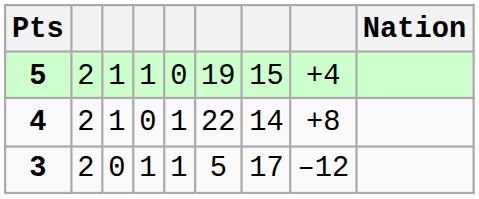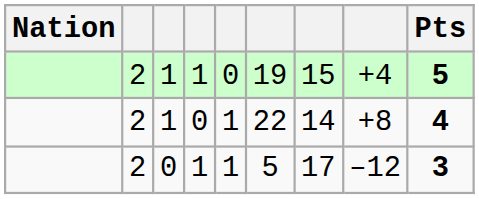 <table class="wikitable" style="text-align: center;">
 <tr>
-<th>Pts</th>
+<th>Nation</th>
 <th></th>
 <th></th>
 <th></th>
 <th></th>
 <th></th>
 <th></th>
 <th></th>
-<th>Nation</th>
+<th>Pts</th>
 </tr>
 <tr bgcolor="#ccffcc">
-<td><strong>5</strong></td>
+<td align="left"></td>
 <td>2</td>
 <td>1</td>
 <td>1</td>
 <td>0</td>
 <td>19</td>
 <td>15</td>
 <td>+4</td>
-<td align="left"></td>
+<td><strong>5</strong></td>
 </tr>
 <tr>
-<td><strong>4</strong></td>
+<td align="left"></td>
 <td>2</td>
 <td>1</td>
 <td>0</td>
 <td>1</td>
 <td>22</td>
 <td>14</td>
 <td>+8</td>
-<td align="left"></td>
+<td><strong>4</strong></td>
 </tr>
 <tr>
-<td><strong>3</strong></td>
+<td align="left"></td>
 <td>2</td>
 <td>0</td>
 <td>1</td>
 <td>1</td>
 <td>5</td>
 <td>17</td>
 <td>–12</td>
-<td align="left"></td>
+<td><strong>3</strong></td>
 </tr>
 </table>
